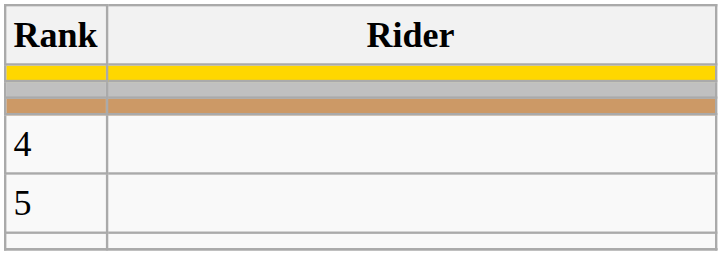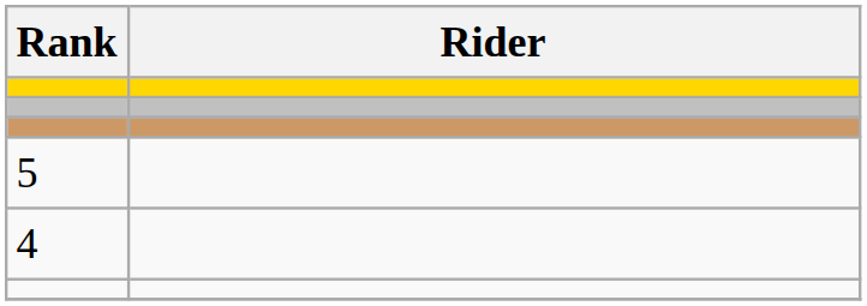 <table class="wikitable" style="font-size:95%" style="text-align:center">
 <tr>
 <th>Rank</th>
 <th width=250>Rider</th>
 </tr>
 <tr bgcolor=gold>
 <td></td>
 <td align=left></td>
 </tr>
 <tr bgcolor=silver>
 <td></td>
 <td align=left></td>
 </tr>
 <tr bgcolor=cc9966>
 <td></td>
 <td align=left></td>
 </tr>
 <tr>
-<td>4</td>
+<td>5</td>
 <td align=left></td>
 </tr>
 <tr>
-<td>5</td>
+<td>4</td>
 <td align=left></td>
 </tr>
 <tr>
 <td></td>
 <td align=left></td>
 </tr>
 <tr>
 </tr>
 </table>
